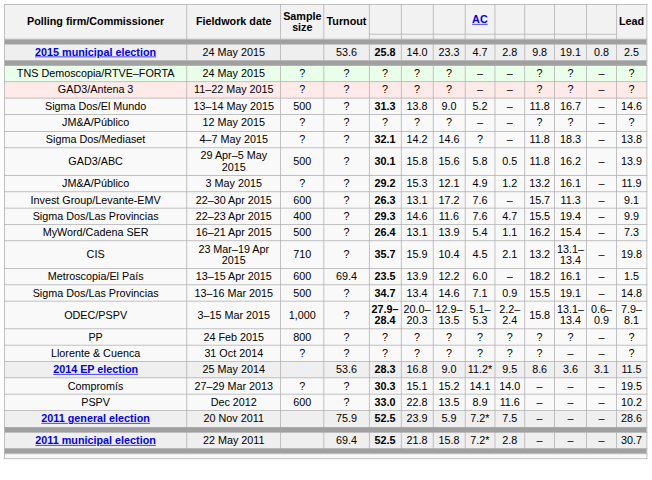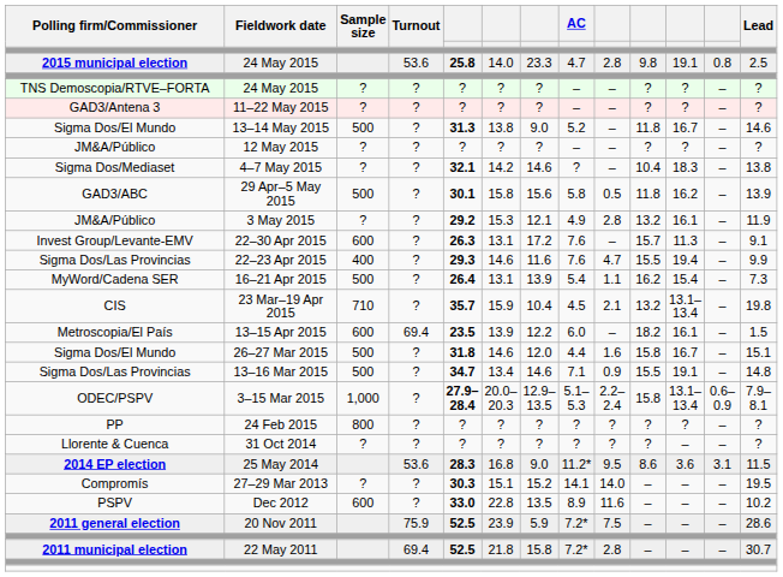 <table class="wikitable collapsible collapsed" style="text-align:center; font-size:95%; line-height:16px;">
 <tr style="height:42px;">
 <th style="width:250px;" rowspan="2">Polling firm/Commissioner</th>
 <th style="width:125px;" rowspan="2">Fieldwork date</th>
 <th style="width:50px;" rowspan="2">Sample size</th>
 <th style="width:45px;" rowspan="2">Turnout</th>
 <th style="width:35px;"></th>
 <th style="width:35px;"></th>
 <th style="width:35px;"></th>
 <th style="width:35px;"><a href='#'>AC</a></th>
 <th style="width:35px;"></th>
 <th style="width:35px;"></th>
 <th style="width:35px;"></th>
 <th style="width:35px;"></th>
 <th style="width:30px;" rowspan="2">Lead</th>
 </tr>
 <tr>
 <th style="color:inherit;background:"></th>
 <th style="color:inherit;background:"></th>
 <th style="color:inherit;background:"></th>
 <th style="color:inherit;background:"></th>
 <th style="color:inherit;background:"></th>
 <th style="color:inherit;background:"></th>
 <th style="color:inherit;background:"></th>
 <th style="color:inherit;background:"></th>
 </tr>
 <tr>
 <td colspan="13" style="background:#A0A0A0"></td>
 </tr>
 <tr style="background:#EFEFEF;">
 <td><strong><a href='#'>2015 municipal election</a></strong></td>
 <td>24 May 2015</td>
 <td></td>
 <td>53.6</td>
 <td><strong>25.8</strong><br></td>
 <td>14.0<br></td>
 <td>23.3<br></td>
 <td>4.7<br></td>
 <td>2.8<br></td>
 <td>9.8<br></td>
 <td>19.1<br></td>
 <td>0.8<br></td>
 <td style="background:">2.5</td>
 </tr>
 <tr>
 <td colspan="13" style="background:#A0A0A0"></td>
 </tr>
 <tr style="background:#EAFFEA;">
 <td>TNS Demoscopia/RTVE–FORTA</td>
 <td>24 May 2015</td>
 <td>?</td>
 <td>?</td>
 <td>?<br></td>
 <td>?<br></td>
 <td>?<br></td>
 <td>–</td>
 <td>–</td>
 <td>?<br></td>
 <td>?<br></td>
 <td>–</td>
 <td style="background:">?</td>
 </tr>
 <tr style="background:#FFEAEA;">
 <td>GAD3/Antena 3</td>
 <td>11–22 May 2015</td>
 <td>?</td>
 <td>?</td>
 <td>?<br></td>
 <td>?<br></td>
 <td>?<br></td>
 <td>–</td>
 <td>–</td>
 <td>?<br></td>
 <td>?<br></td>
 <td>–</td>
 <td style="background:">?</td>
 </tr>
 <tr>
 <td>Sigma Dos/El Mundo</td>
 <td>13–14 May 2015</td>
 <td>500</td>
 <td>?</td>
 <td><strong>31.3</strong><br></td>
 <td>13.8<br></td>
 <td>9.0<br></td>
 <td>5.2<br></td>
 <td>–</td>
 <td>11.8<br></td>
 <td>16.7<br></td>
 <td>–</td>
 <td style="background:">14.6</td>
 </tr>
 <tr>
 <td>JM&A/Público</td>
 <td>12 May 2015</td>
 <td>?</td>
 <td>?</td>
 <td>?<br></td>
 <td>?<br></td>
 <td>?<br></td>
 <td>–</td>
 <td>–</td>
 <td>?<br></td>
 <td>?<br></td>
 <td>–</td>
 <td style="background:">?</td>
 </tr>
 <tr>
 <td>Sigma Dos/Mediaset</td>
 <td>4–7 May 2015</td>
 <td>?</td>
 <td>?</td>
 <td><strong>32.1</strong><br></td>
 <td>14.2<br></td>
 <td>14.6<br></td>
 <td>?<br></td>
 <td>–</td>
-<td>11.8<br></td>
+<td>10.4<br></td>
 <td>18.3<br></td>
 <td>–</td>
 <td style="background:">13.8</td>
 </tr>
 <tr>
 <td>GAD3/ABC</td>
 <td>29 Apr–5 May 2015</td>
 <td>500</td>
 <td>?</td>
 <td><strong>30.1</strong><br></td>
 <td>15.8<br></td>
 <td>15.6<br></td>
 <td>5.8<br></td>
 <td>0.5<br></td>
 <td>11.8<br></td>
 <td>16.2<br></td>
 <td>–</td>
 <td style="background:">13.9</td>
 </tr>
 <tr>
 <td>JM&A/Público</td>
 <td>3 May 2015</td>
 <td>?</td>
 <td>?</td>
 <td><strong>29.2</strong><br></td>
 <td>15.3<br></td>
 <td>12.1<br></td>
 <td>4.9<br></td>
-<td>1.2<br></td>
+<td>2.8<br></td>
 <td>13.2<br></td>
 <td>16.1<br></td>
 <td>–</td>
 <td style="background:">11.9</td>
 </tr>
 <tr>
 <td>Invest Group/Levante-EMV</td>
 <td>22–30 Apr 2015</td>
 <td>600</td>
 <td>?</td>
 <td><strong>26.3</strong><br></td>
 <td>13.1<br></td>
 <td>17.2<br></td>
 <td>7.6<br></td>
 <td>–</td>
 <td>15.7<br></td>
 <td>11.3<br></td>
 <td>–</td>
 <td style="background:">9.1</td>
 </tr>
 <tr>
 <td>Sigma Dos/Las Provincias</td>
 <td>22–23 Apr 2015</td>
 <td>400</td>
 <td>?</td>
 <td><strong>29.3</strong><br></td>
 <td>14.6<br></td>
 <td>11.6<br></td>
 <td>7.6<br></td>
 <td>4.7<br></td>
 <td>15.5<br></td>
 <td>19.4<br></td>
 <td>–</td>
 <td style="background:">9.9</td>
 </tr>
 <tr>
 <td>MyWord/Cadena SER</td>
 <td>16–21 Apr 2015</td>
 <td>500</td>
 <td>?</td>
 <td><strong>26.4</strong><br></td>
 <td>13.1<br></td>
 <td>13.9<br></td>
 <td>5.4<br></td>
 <td>1.1<br></td>
 <td>16.2<br></td>
 <td>15.4<br></td>
 <td>–</td>
 <td style="background:">7.3</td>
 </tr>
 <tr>
 <td>CIS</td>
 <td>23 Mar–19 Apr 2015</td>
 <td>710</td>
 <td>?</td>
 <td><strong>35.7</strong><br></td>
 <td>15.9<br></td>
 <td>10.4<br></td>
 <td>4.5<br></td>
 <td>2.1<br></td>
 <td>13.2<br></td>
 <td>13.1–<br>13.4<br></td>
 <td>–</td>
 <td style="background:">19.8</td>
 </tr>
 <tr>
 <td>Metroscopia/El País</td>
 <td>13–15 Apr 2015</td>
 <td>600</td>
 <td>69.4</td>
 <td><strong>23.5</strong><br></td>
 <td>13.9<br></td>
 <td>12.2<br></td>
 <td>6.0<br></td>
 <td>–</td>
 <td>18.2<br></td>
 <td>16.1<br></td>
 <td>–</td>
 <td style="background:">1.5</td>
+</tr>
+<tr>
+<td>Sigma Dos/El Mundo</td>
+<td>26–27 Mar 2015</td>
+<td>500</td>
+<td>?</td>
+<td><strong>31.8</strong><br></td>
+<td>14.6<br></td>
+<td>12.0<br></td>
+<td>4.4<br></td>
+<td>1.6<br></td>
+<td>15.8<br></td>
+<td>16.7<br></td>
+<td>–</td>
+<td style="background:">15.1</td>
 </tr>
 <tr>
 <td>Sigma Dos/Las Provincias</td>
 <td>13–16 Mar 2015</td>
 <td>500</td>
 <td>?</td>
 <td><strong>34.7</strong><br></td>
 <td>13.4<br></td>
 <td>14.6<br></td>
 <td>7.1<br></td>
 <td>0.9<br></td>
 <td>15.5<br></td>
 <td>19.1<br></td>
 <td>–</td>
 <td style="background:">14.8</td>
 </tr>
 <tr>
 <td>ODEC/PSPV</td>
 <td>3–15 Mar 2015</td>
 <td>1,000</td>
 <td>?</td>
 <td><strong>27.9–<br>28.4</strong><br></td>
 <td>20.0–<br>20.3<br></td>
 <td>12.9–<br>13.5<br></td>
 <td>5.1–<br>5.3<br></td>
 <td>2.2–<br>2.4<br></td>
 <td>15.8<br></td>
 <td>13.1–<br>13.4<br></td>
 <td>0.6–<br>0.9<br></td>
 <td style="background:">7.9–<br>8.1</td>
 </tr>
 <tr>
 <td>PP</td>
 <td>24 Feb 2015</td>
 <td>800</td>
 <td>?</td>
 <td>?<br></td>
 <td>?<br></td>
 <td>?<br></td>
 <td>?<br></td>
 <td>?<br></td>
 <td>?<br></td>
 <td>?<br></td>
 <td>–</td>
 <td style="background:">?</td>
 </tr>
 <tr>
 <td>Llorente & Cuenca</td>
 <td>31 Oct 2014</td>
 <td>?</td>
 <td>?</td>
 <td>?<br></td>
 <td>?<br></td>
 <td>?<br></td>
 <td>?<br></td>
 <td>?<br></td>
 <td>?<br></td>
 <td>–</td>
 <td>–</td>
 <td style="background:">?</td>
 </tr>
 <tr style="background:#EFEFEF;">
 <td><strong><a href='#'>2014 EP election</a></strong></td>
 <td>25 May 2014</td>
 <td></td>
 <td>53.6</td>
 <td><strong>28.3</strong><br></td>
 <td>16.8<br></td>
 <td>9.0<br></td>
 <td>11.2*<br></td>
 <td>9.5<br></td>
 <td>8.6<br></td>
 <td>3.6<br></td>
 <td>3.1<br></td>
 <td style="background:">11.5</td>
 </tr>
 <tr>
 <td>Compromís</td>
 <td>27–29 Mar 2013</td>
 <td>?</td>
 <td>?</td>
 <td><strong>30.3</strong><br></td>
 <td>15.1<br></td>
 <td>15.2<br></td>
 <td>14.1<br></td>
 <td>14.0<br></td>
 <td>–</td>
 <td>–</td>
 <td>–</td>
 <td style="background:">19.5</td>
 </tr>
 <tr>
 <td>PSPV</td>
 <td>Dec 2012</td>
 <td>600</td>
 <td>?</td>
 <td><strong>33.0</strong><br></td>
 <td>22.8<br></td>
 <td>13.5<br></td>
 <td>8.9<br></td>
 <td>11.6<br></td>
 <td>–</td>
 <td>–</td>
 <td>–</td>
 <td style="background:">10.2</td>
 </tr>
 <tr style="background:#EFEFEF;">
 <td><strong><a href='#'>2011 general election</a></strong></td>
 <td>20 Nov 2011</td>
 <td></td>
 <td>75.9</td>
 <td><strong>52.5</strong><br></td>
 <td>23.9<br></td>
 <td>5.9<br></td>
 <td>7.2*<br></td>
 <td>7.5<br></td>
 <td>–</td>
 <td>–</td>
 <td>–</td>
 <td style="background:">28.6</td>
 </tr>
 <tr>
 <td colspan="13" style="background:#A0A0A0"></td>
 </tr>
 <tr style="background:#EFEFEF;">
 <td><strong><a href='#'>2011 municipal election</a></strong></td>
 <td>22 May 2011</td>
 <td></td>
 <td>69.4</td>
 <td><strong>52.5</strong><br></td>
 <td>21.8<br></td>
 <td>15.8<br></td>
 <td>7.2*<br></td>
 <td>2.8<br></td>
 <td>–</td>
 <td>–</td>
 <td>–</td>
 <td style="background:">30.7</td>
 </tr>
 <tr>
 <td colspan="13" style="background:#A0A0A0"></td>
 </tr>
 <tr>
 <td align="left" colspan="13"></td>
 </tr>
 </table>
